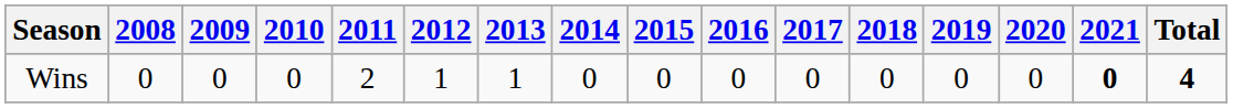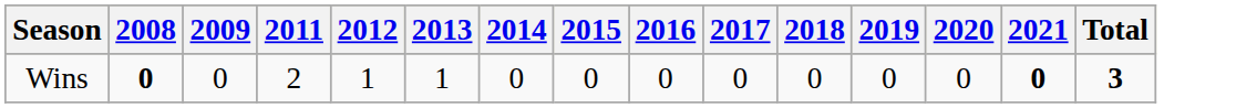 <table class=wikitable style=font-size:97%>
 <tr style="background:#ffc">
 <th>Season</th>
 <th><a href='#'>2008</a></th>
 <th><a href='#'>2009</a></th>
-<th><a href='#'>2010</a></th>
 <th><a href='#'>2011</a></th>
 <th><a href='#'>2012</a></th>
 <th><a href='#'>2013</a></th>
 <th><a href='#'>2014</a></th>
 <th><a href='#'>2015</a></th>
 <th><a href='#'>2016</a></th>
 <th><a href='#'>2017</a></th>
 <th><a href='#'>2018</a></th>
 <th><a href='#'>2019</a></th>
 <th><a href='#'>2020</a></th>
 <th><a href='#'>2021</a></th>
 <th>Total</th>
 </tr>
 <tr align=center>
 <td>Wins</td>
-<td>0</td>
-<td>0</td>
+<td><strong>0</strong></td>
 <td>0</td>
 <td>2</td>
 <td>1</td>
 <td>1</td>
 <td>0</td>
 <td>0</td>
 <td>0</td>
 <td>0</td>
 <td>0</td>
 <td>0</td>
 <td>0</td>
 <td><strong>0</strong></td>
-<td><strong>4</strong></td>
+<td><strong>3</strong></td>
 </tr>
 </table>
